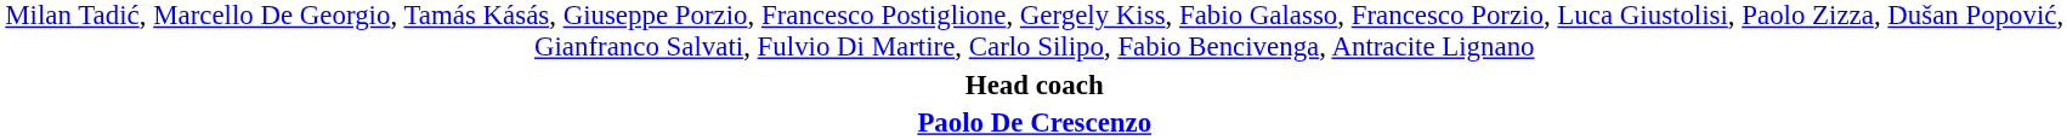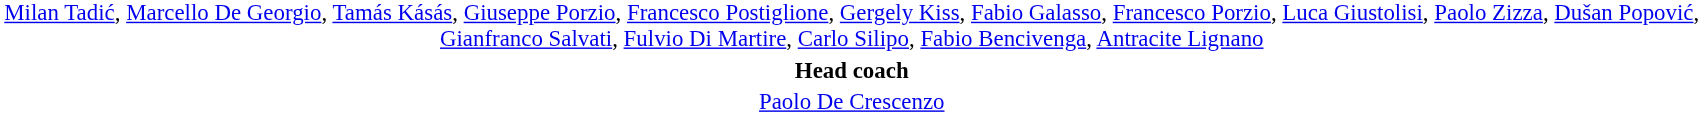 <table style="text-align: center; margin-top: 2em; margin-left: auto; margin-right: auto">
 <tr>
 <td><a href='#'>Milan Tadić</a>, <a href='#'>Marcello De Georgio</a>, <a href='#'>Tamás Kásás</a>, <a href='#'>Giuseppe Porzio</a>, <a href='#'>Francesco Postiglione</a>, <a href='#'>Gergely Kiss</a>, <a href='#'>Fabio Galasso</a>, <a href='#'>Francesco Porzio</a>, <a href='#'>Luca Giustolisi</a>, <a href='#'>Paolo Zizza</a>, <a href='#'>Dušan Popović</a>, <a href='#'>Gianfranco Salvati</a>, <a href='#'>Fulvio Di Martire</a>, <a href='#'>Carlo Silipo</a>, <a href='#'>Fabio Bencivenga</a>, <a href='#'>Antracite Lignano</a></td>
 </tr>
 <tr>
 <td><strong>Head coach</strong></td>
 </tr>
 <tr>
-<td><strong><a href='#'>Paolo De Crescenzo</a></strong></td>
+<td><a href='#'>Paolo De Crescenzo</a></td>
 </tr>
 </table>
